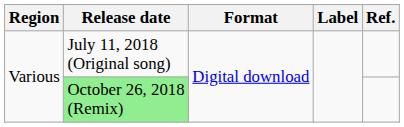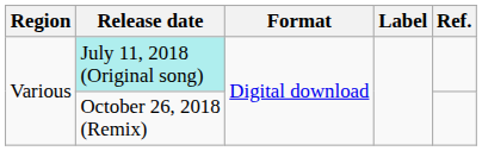 <table class="wikitable">
 <tr>
 <th>Region</th>
 <th>Release date</th>
 <th>Format</th>
 <th>Label</th>
 <th>Ref.</th>
 </tr>
 <tr>
 <td rowspan="2">Various</td>
-<td>July 11, 2018<br>(Original song)</td>
+<td style="background: paleturquoise;">July 11, 2018<br>(Original song)</td>
 <td rowspan="2"><a href='#'>Digital download</a></td>
 <td rowspan="2"></td>
 <td></td>
 </tr>
 <tr>
-<td style="background: lightgreen;">October 26, 2018<br>(Remix)</td>
+<td>October 26, 2018<br>(Remix)</td>
 <td></td>
 </tr>
 </table>
